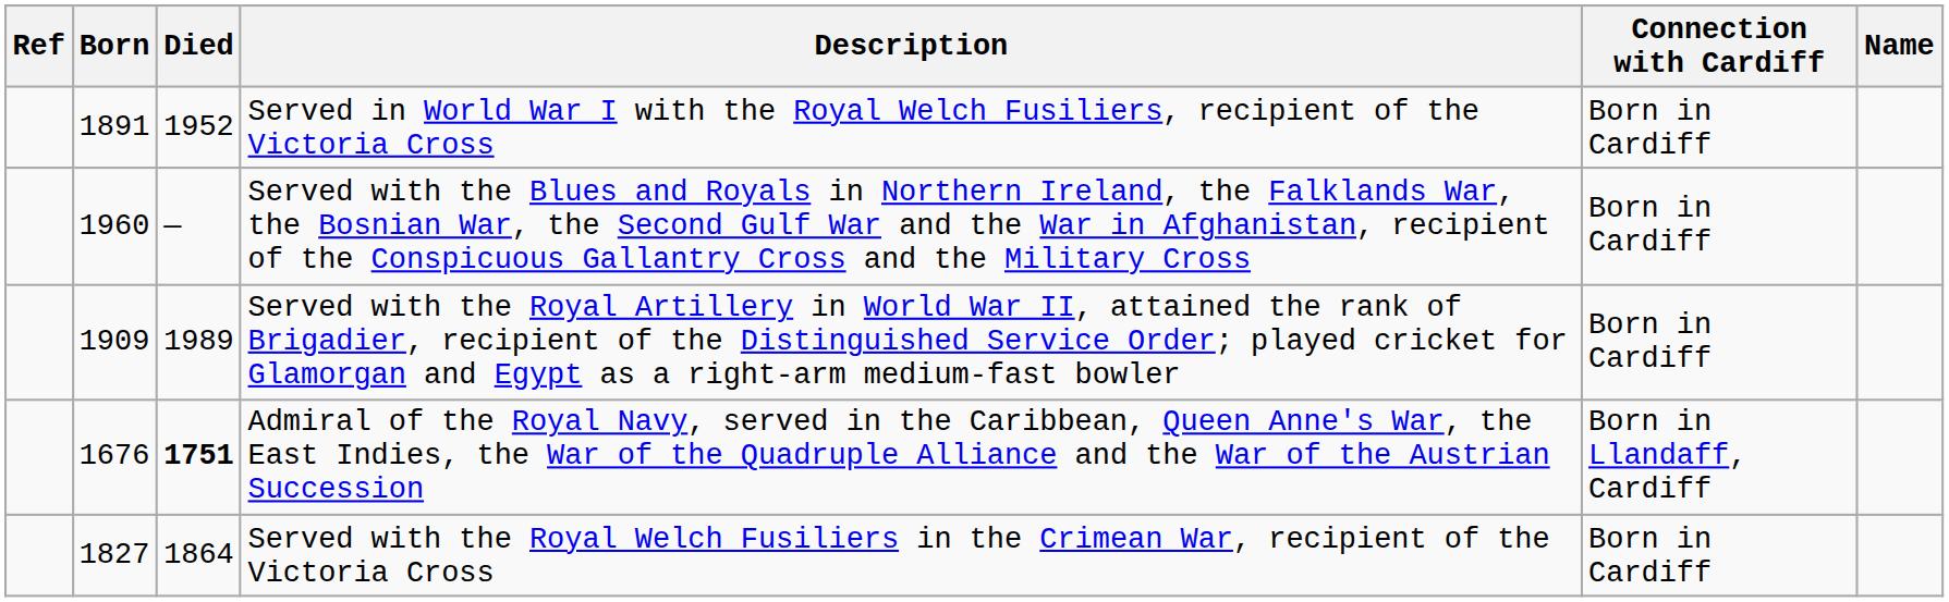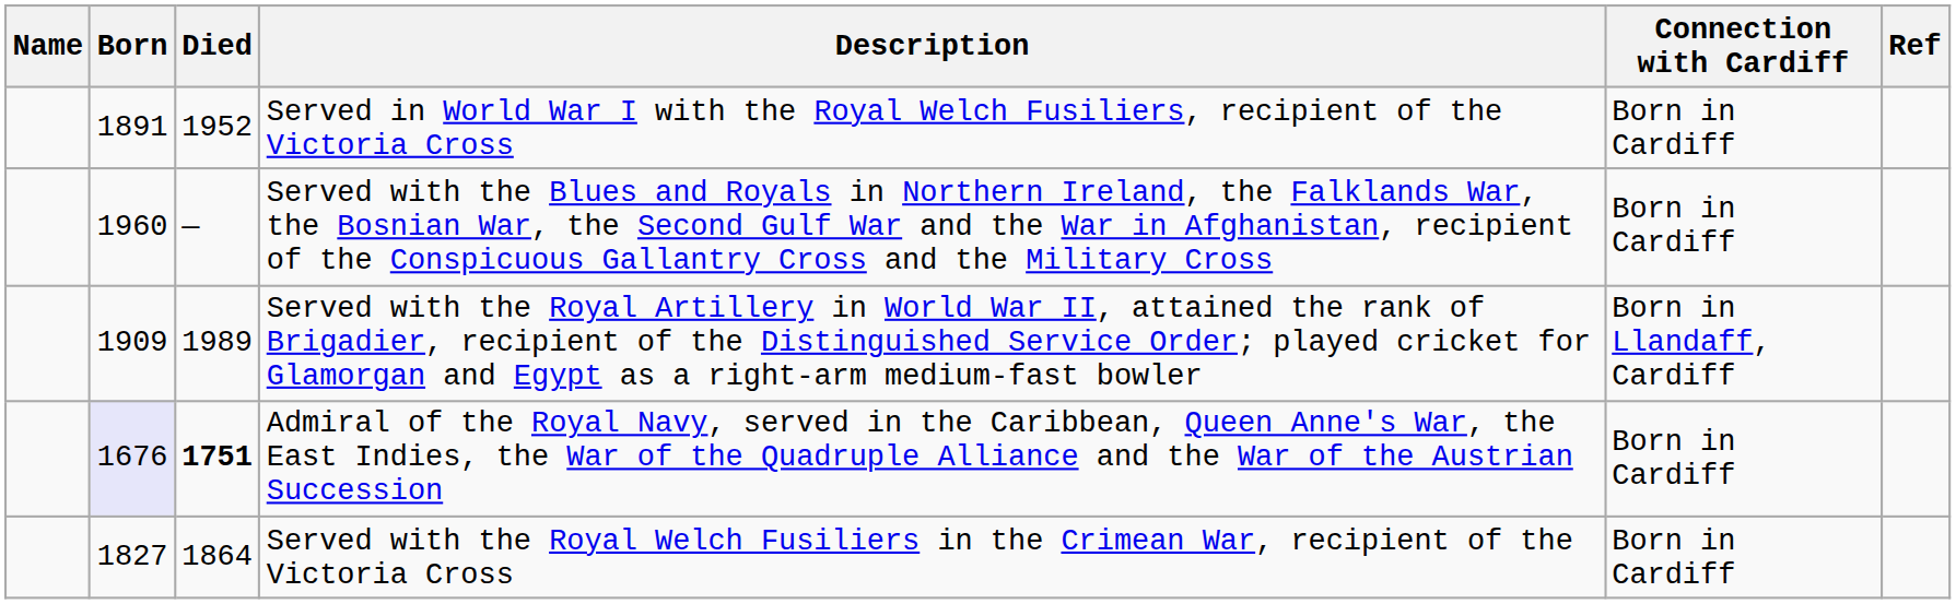 <table class="sortable wikitable" style="text-align: left; width: 68%;">
 <tr>
-<th scope="col"><abbr>Ref</abbr></th>
+<th scope="col">Name</th>
 <th scope="col">Born</th>
 <th scope="col">Died</th>
 <th scope="col">Description</th>
 <th scope="col">Connection with Cardiff</th>
-<th scope="col">Name</th>
+<th scope="col"><abbr>Ref</abbr></th>
 </tr>
 <tr>
 <td></td>
 <td>1891</td>
 <td>1952</td>
 <td>Served in <a href='#'>World War I</a> with the <a href='#'>Royal Welch Fusiliers</a>, recipient of the <a href='#'>Victoria Cross</a></td>
 <td>Born in Cardiff</td>
 <td></td>
 </tr>
 <tr>
 <td></td>
 <td>1960</td>
 <td>—</td>
 <td>Served with the <a href='#'>Blues and Royals</a> in <a href='#'>Northern Ireland</a>, the <a href='#'>Falklands War</a>, the <a href='#'>Bosnian War</a>, the <a href='#'>Second Gulf War</a> and the <a href='#'>War in Afghanistan</a>, recipient of the <a href='#'>Conspicuous Gallantry Cross</a> and the <a href='#'>Military Cross</a></td>
 <td>Born in Cardiff</td>
 <td></td>
 </tr>
 <tr>
 <td></td>
 <td>1909</td>
 <td>1989</td>
 <td>Served with the <a href='#'>Royal Artillery</a> in <a href='#'>World War II</a>, attained the rank of <a href='#'>Brigadier</a>, recipient of the <a href='#'>Distinguished Service Order</a>; played cricket for <a href='#'>Glamorgan</a> and <a href='#'>Egypt</a> as a right-arm medium-fast bowler</td>
-<td>Born in Cardiff</td>
+<td>Born in <a href='#'>Llandaff</a>, Cardiff</td>
 <td></td>
 </tr>
 <tr>
 <td></td>
-<td>1676</td>
+<td style="background: lavender;">1676</td>
 <td><strong>1751</strong></td>
 <td>Admiral of the <a href='#'>Royal Navy</a>, served in the Caribbean, <a href='#'>Queen Anne's War</a>, the East Indies, the <a href='#'>War of the Quadruple Alliance</a> and the <a href='#'>War of the Austrian Succession</a></td>
-<td>Born in <a href='#'>Llandaff</a>, Cardiff</td>
+<td>Born in Cardiff</td>
 <td></td>
 </tr>
 <tr>
 <td></td>
 <td>1827</td>
 <td>1864</td>
 <td>Served with the <a href='#'>Royal Welch Fusiliers</a> in the <a href='#'>Crimean War</a>, recipient of the Victoria Cross</td>
 <td>Born in Cardiff</td>
 <td></td>
 </tr>
 </table>
